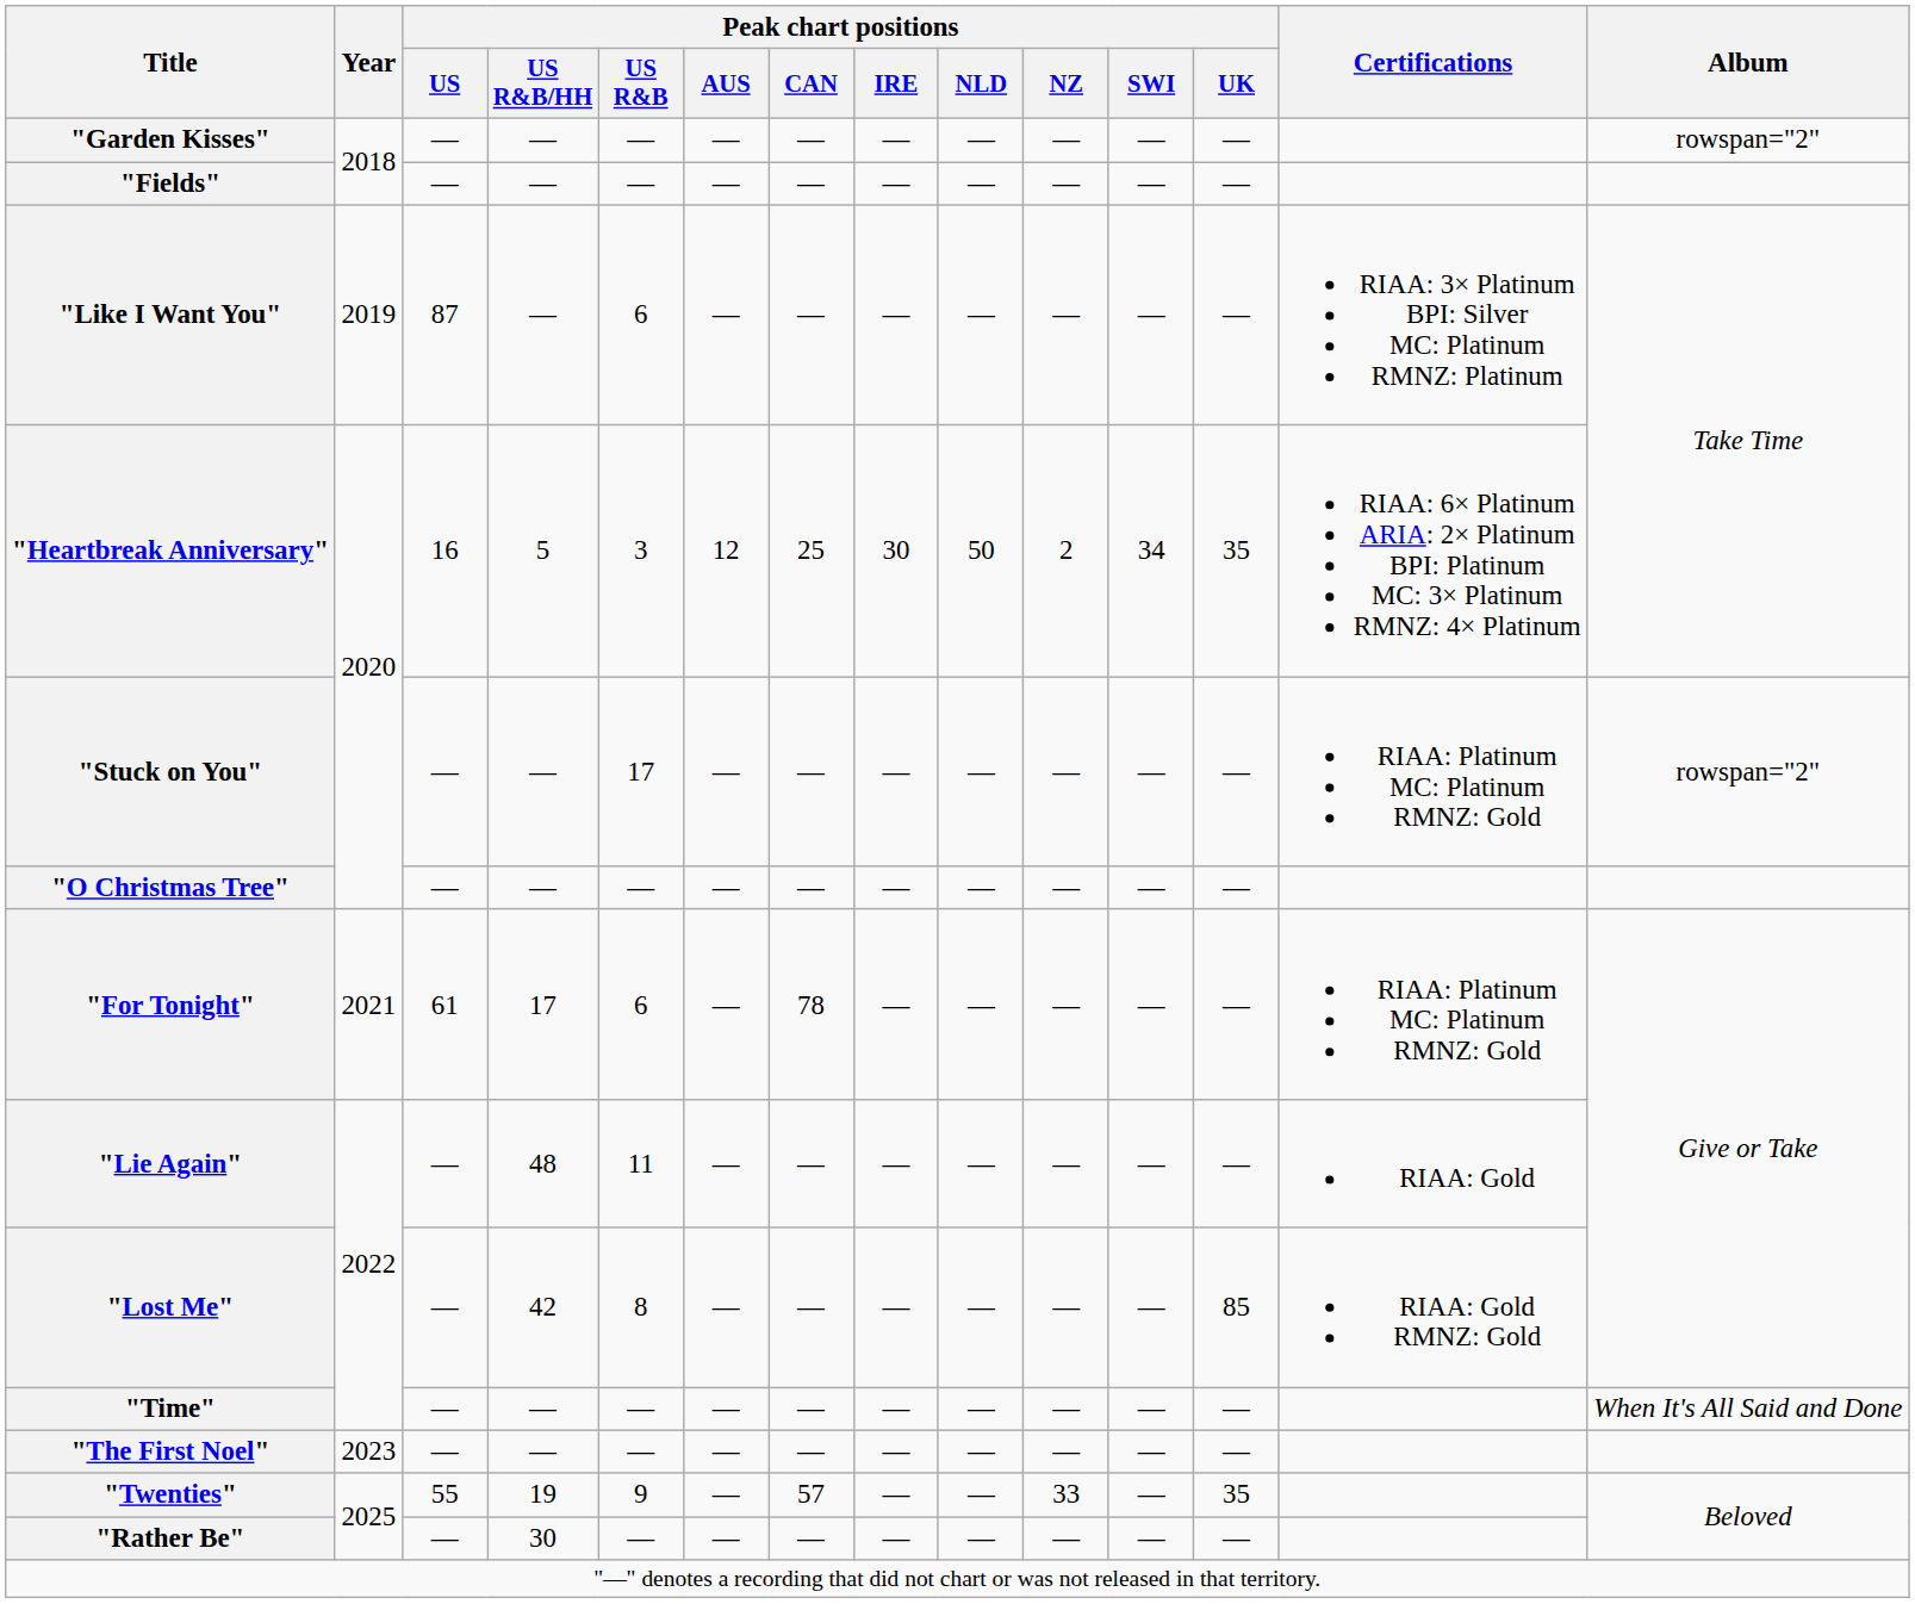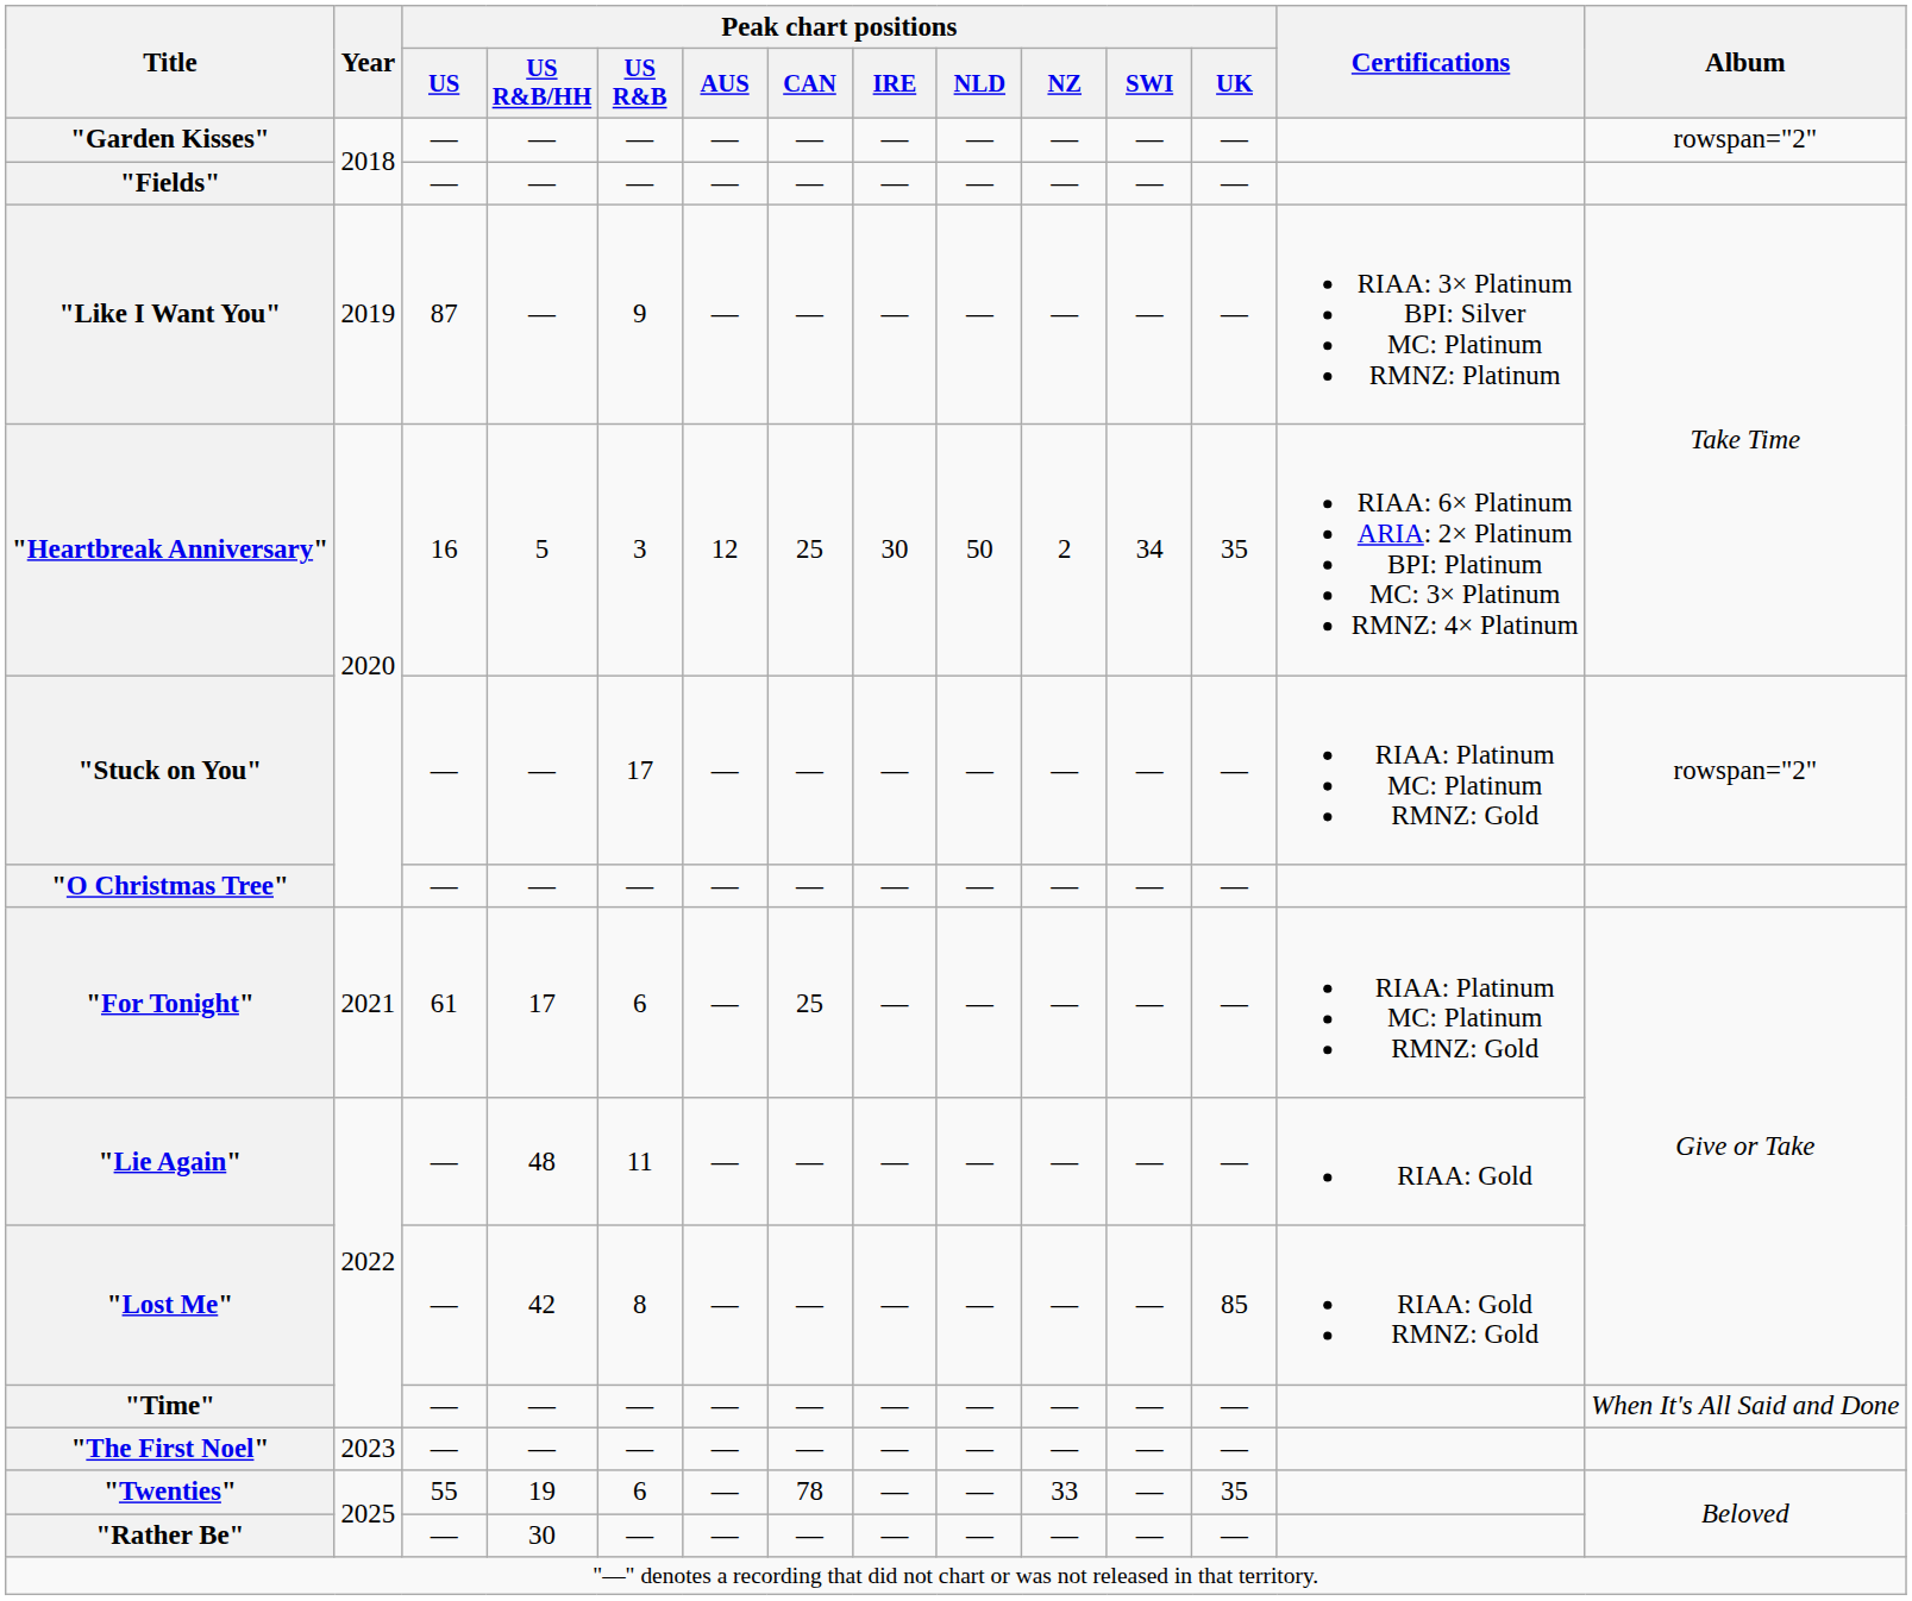 <table class="wikitable plainrowheaders" style="text-align:center;">
 <tr>
 <th scope="col" rowspan="2">Title</th>
 <th scope="col" rowspan="2">Year</th>
 <th scope="col" colspan="10">Peak chart positions</th>
 <th scope="col" rowspan="2"><a href='#'>Certifications</a></th>
 <th scope="col" rowspan="2">Album</th>
 </tr>
 <tr>
 <th scope="col" style="width:3em;font-size:90%;"><a href='#'>US</a><br></th>
 <th scope="col" style="width:3em;font-size:90%;"><a href='#'>US<br>R&B/HH</a><br></th>
 <th scope="col" style="width:3em;font-size:90%;"><a href='#'>US<br>R&B</a><br></th>
 <th scope="col" style="width:3em;font-size:90%;"><a href='#'>AUS</a><br></th>
 <th scope="col" style="width:3em;font-size:90%;"><a href='#'>CAN</a><br></th>
 <th scope="col" style="width:3em;font-size:90%;"><a href='#'>IRE</a><br></th>
 <th scope="col" style="width:3em;font-size:90%;"><a href='#'>NLD</a><br></th>
 <th scope="col" style="width:3em;font-size:90%;"><a href='#'>NZ</a><br></th>
 <th scope="col" style="width:3em;font-size:90%;"><a href='#'>SWI</a><br></th>
 <th scope="col" style="width:3em;font-size:90%;"><a href='#'>UK</a><br></th>
 </tr>
 <tr>
 <th scope="row">"Garden Kisses"</th>
 <td rowspan="2">2018</td>
 <td>—</td>
 <td>—</td>
 <td>—</td>
 <td>—</td>
 <td>—</td>
 <td>—</td>
 <td>—</td>
 <td>—</td>
 <td>—</td>
 <td>—</td>
 <td></td>
 <td>rowspan="2" </td>
 </tr>
 <tr>
 <th scope="row">"Fields"</th>
 <td>—</td>
 <td>—</td>
 <td>—</td>
 <td>—</td>
 <td>—</td>
 <td>—</td>
 <td>—</td>
 <td>—</td>
 <td>—</td>
 <td>—</td>
 <td></td>
 </tr>
 <tr>
 <th scope="row">"Like I Want You"</th>
 <td>2019</td>
 <td>87</td>
 <td>—</td>
-<td>6</td>
+<td>9</td>
 <td>—</td>
 <td>—</td>
 <td>—</td>
 <td>—</td>
 <td>—</td>
 <td>—</td>
 <td>—</td>
 <td><br><ul><li>RIAA: 3× Platinum</li><li>BPI: Silver</li><li>MC: Platinum</li><li>RMNZ: Platinum</li></ul></td>
 <td rowspan="2"><em>Take Time</em></td>
 </tr>
 <tr>
 <th scope="row">"<a href='#'>Heartbreak Anniversary</a>"</th>
 <td rowspan="3">2020</td>
 <td>16</td>
 <td>5</td>
 <td>3</td>
 <td>12</td>
 <td>25</td>
 <td>30</td>
 <td>50</td>
 <td>2</td>
 <td>34</td>
 <td>35</td>
 <td><br><ul><li>RIAA: 6× Platinum</li><li><a href='#'>ARIA</a>: 2× Platinum</li><li>BPI: Platinum</li><li>MC: 3× Platinum</li><li>RMNZ: 4× Platinum</li></ul></td>
 </tr>
 <tr>
 <th scope="row">"Stuck on You"</th>
 <td>—</td>
 <td>—</td>
 <td>17</td>
 <td>—</td>
 <td>—</td>
 <td>—</td>
 <td>—</td>
 <td>—</td>
 <td>—</td>
 <td>—</td>
 <td><br><ul><li>RIAA: Platinum</li><li>MC: Platinum</li><li>RMNZ: Gold</li></ul></td>
 <td>rowspan="2" </td>
 </tr>
 <tr>
 <th scope="row">"<a href='#'>O Christmas Tree</a>"</th>
 <td>—</td>
 <td>—</td>
 <td>—</td>
 <td>—</td>
 <td>—</td>
 <td>—</td>
 <td>—</td>
 <td>—</td>
 <td>—</td>
 <td>—</td>
 <td></td>
 <td></td>
 </tr>
 <tr>
 <th scope="row">"<a href='#'>For Tonight</a>"</th>
 <td>2021</td>
 <td>61</td>
 <td>17</td>
 <td>6</td>
 <td>—</td>
-<td>78</td>
+<td>25</td>
 <td>—</td>
 <td>—</td>
 <td>—</td>
 <td>—</td>
 <td>—</td>
 <td><br><ul><li>RIAA: Platinum</li><li>MC: Platinum</li><li>RMNZ: Gold</li></ul></td>
 <td rowspan="3"><em>Give or Take</em></td>
 </tr>
 <tr>
 <th scope="row">"<a href='#'>Lie Again</a>"</th>
 <td rowspan="3">2022</td>
 <td>—</td>
 <td>48</td>
 <td>11</td>
 <td>—</td>
 <td>—</td>
 <td>—</td>
 <td>—</td>
 <td>—</td>
 <td>—</td>
 <td>—</td>
 <td><br><ul><li>RIAA: Gold</li></ul></td>
 </tr>
 <tr>
 <th scope="row">"<a href='#'>Lost Me</a>"</th>
 <td>—</td>
 <td>42</td>
 <td>8</td>
 <td>—</td>
 <td>—</td>
 <td>—</td>
 <td>—</td>
 <td>—</td>
 <td>—</td>
 <td>85</td>
 <td><br><ul><li>RIAA: Gold</li><li>RMNZ: Gold</li></ul></td>
 </tr>
 <tr>
 <th scope="row">"Time"</th>
 <td>—</td>
 <td>—</td>
 <td>—</td>
 <td>—</td>
 <td>—</td>
 <td>—</td>
 <td>—</td>
 <td>—</td>
 <td>—</td>
 <td>—</td>
 <td></td>
 <td><em>When It's All Said and Done</em></td>
 </tr>
 <tr>
 <th scope="row">"<a href='#'>The First Noel</a>"</th>
 <td>2023</td>
 <td>—</td>
 <td>—</td>
 <td>—</td>
 <td>—</td>
 <td>—</td>
 <td>—</td>
 <td>—</td>
 <td>—</td>
 <td>—</td>
 <td>—</td>
 <td></td>
 </tr>
 <tr>
 <th scope="row">"<a href='#'>Twenties</a>"</th>
 <td rowspan="2">2025</td>
 <td>55</td>
 <td>19</td>
-<td>9</td>
+<td>6</td>
 <td>—</td>
-<td>57</td>
+<td>78</td>
 <td>—</td>
 <td>—</td>
 <td>33</td>
 <td>—</td>
 <td>35</td>
 <td></td>
 <td rowspan="2"><em>Beloved</em></td>
 </tr>
 <tr>
 <th scope="row">"Rather Be"</th>
 <td>—</td>
 <td>30</td>
 <td>—</td>
 <td>—</td>
 <td>—</td>
 <td>—</td>
 <td>—</td>
 <td>—</td>
 <td>—</td>
 <td>—</td>
 <td></td>
 </tr>
 <tr>
 <td colspan="14" style="font-size:85%">"—" denotes a recording that did not chart or was not released in that territory.</td>
 </tr>
 </table>
